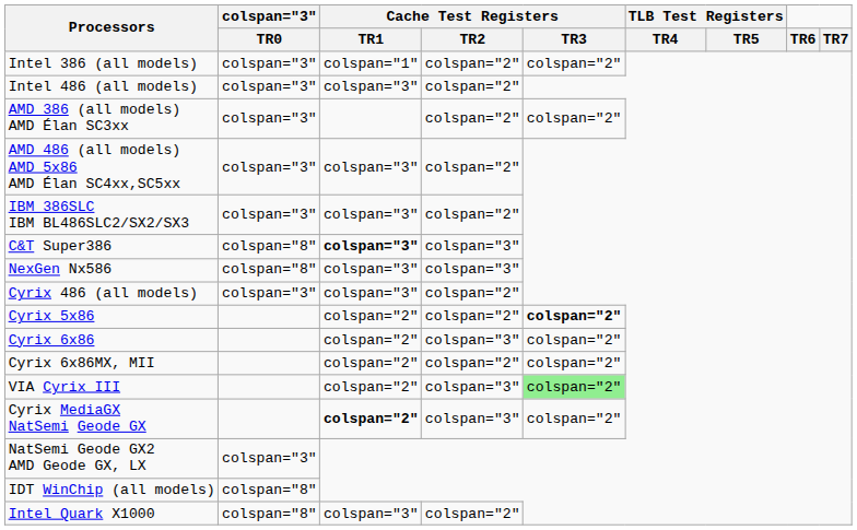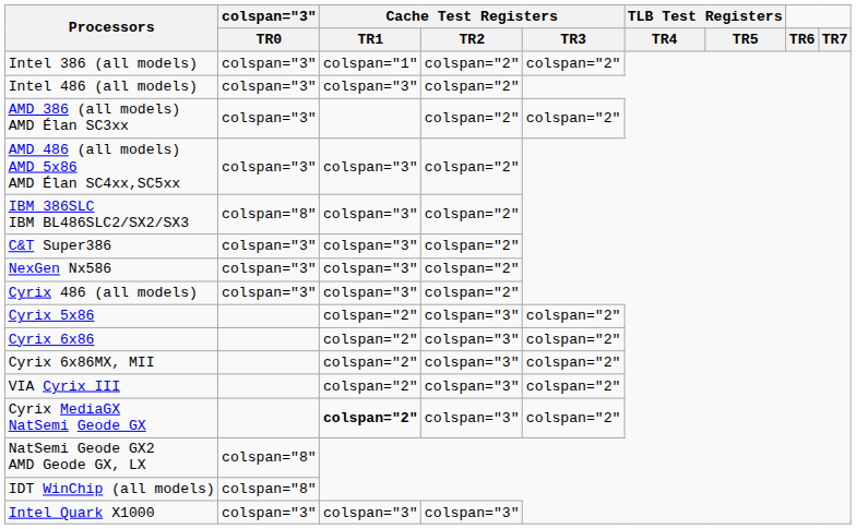 <table class="wikitable">
 <tr>
 <th rowspan="2">Processors</th>
 <th>colspan="3" </th>
 <th colspan="3">Cache Test Registers</th>
 <th colspan="2">TLB Test Registers</th>
 </tr>
 <tr>
 <th>TR0</th>
 <th>TR1</th>
 <th>TR2</th>
 <th>TR3</th>
 <th>TR4</th>
 <th>TR5</th>
 <th>TR6</th>
 <th>TR7</th>
 </tr>
 <tr>
 <td>Intel 386 (all models)</td>
 <td>colspan="3" </td>
 <td>colspan="1" </td>
 <td>colspan="2" </td>
 <td>colspan="2" </td>
 </tr>
 <tr>
 <td>Intel 486 (all models)</td>
 <td>colspan="3" </td>
 <td>colspan="3" </td>
 <td>colspan="2" </td>
 </tr>
 <tr>
 <td><a href='#'>AMD 386</a> (all models)<br>AMD Élan SC3xx</td>
 <td>colspan="3" </td>
 <td></td>
 <td>colspan="2" </td>
 <td>colspan="2" </td>
 </tr>
 <tr>
 <td><a href='#'>AMD 486</a> (all models)<br><a href='#'>AMD 5x86</a><br>AMD Élan SC4xx,SC5xx</td>
 <td>colspan="3" </td>
 <td>colspan="3" </td>
 <td>colspan="2" </td>
 </tr>
 <tr>
 <td><a href='#'>IBM 386SLC</a><br>IBM BL486SLC2/SX2/SX3</td>
+<td>colspan="8" </td>
+<td>colspan="3" </td>
+<td>colspan="2" </td>
+</tr>
+<tr>
+<td><a href='#'>C&T</a> Super386</td>
 <td>colspan="3" </td>
 <td>colspan="3" </td>
 <td>colspan="2" </td>
 </tr>
 <tr>
-<td><a href='#'>C&T</a> Super386</td>
-<td>colspan="8" </td>
-<td><strong>colspan="3" </strong></td>
-<td>colspan="3" </td>
-</tr>
-<tr>
 <td><a href='#'>NexGen</a> Nx586</td>
-<td>colspan="8" </td>
 <td>colspan="3" </td>
 <td>colspan="3" </td>
+<td>colspan="2" </td>
 </tr>
 <tr>
 <td><a href='#'>Cyrix</a> 486 (all models)</td>
 <td>colspan="3" </td>
 <td>colspan="3" </td>
 <td>colspan="2" </td>
 </tr>
 <tr>
 <td><a href='#'>Cyrix 5x86</a></td>
 <td></td>
 <td>colspan="2" </td>
+<td>colspan="3" </td>
 <td>colspan="2" </td>
-<td><strong>colspan="2" </strong></td>
 </tr>
 <tr>
 <td><a href='#'>Cyrix 6x86</a></td>
 <td></td>
 <td>colspan="2" </td>
 <td>colspan="3" </td>
 <td>colspan="2" </td>
 </tr>
 <tr>
 <td>Cyrix 6x86MX, MII</td>
 <td></td>
 <td>colspan="2" </td>
-<td>colspan="2" </td>
+<td>colspan="3" </td>
 <td>colspan="2" </td>
 </tr>
 <tr>
 <td>VIA <a href='#'>Cyrix III</a></td>
 <td></td>
 <td>colspan="2" </td>
 <td>colspan="3" </td>
-<td style="background: lightgreen;">colspan="2" </td>
+<td>colspan="2" </td>
 </tr>
 <tr>
 <td>Cyrix <a href='#'>MediaGX</a><br><a href='#'>NatSemi</a> <a href='#'>Geode GX</a></td>
 <td></td>
 <td><strong>colspan="2" </strong></td>
 <td>colspan="3" </td>
 <td>colspan="2" </td>
 </tr>
 <tr>
 <td>NatSemi Geode GX2<br>AMD Geode GX, LX</td>
-<td>colspan="3" </td>
+<td>colspan="8" </td>
 </tr>
 <tr>
 <td>IDT <a href='#'>WinChip</a> (all models)</td>
 <td>colspan="8" </td>
 </tr>
 <tr>
 <td><a href='#'>Intel Quark</a> X1000</td>
-<td>colspan="8" </td>
 <td>colspan="3" </td>
-<td>colspan="2" </td>
+<td>colspan="3" </td>
+<td>colspan="3" </td>
 </tr>
 </table>
